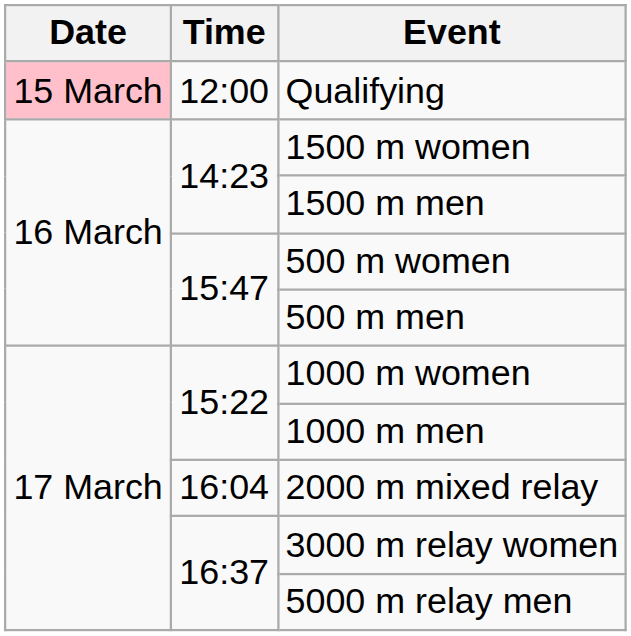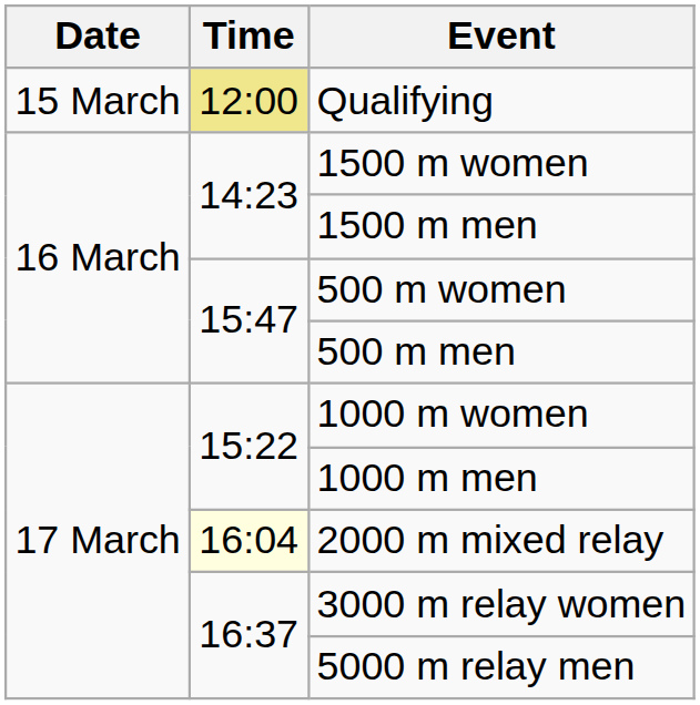 <table class="wikitable" border="1">
 <tr>
 <th>Date</th>
 <th>Time</th>
 <th>Event</th>
 </tr>
 <tr>
-<td style="background: pink;">15 March</td>
-<td>12:00</td>
+<td>15 March</td>
+<td style="background: khaki;">12:00</td>
 <td>Qualifying</td>
 </tr>
 <tr>
 <td rowspan=4>16 March</td>
 <td rowspan=2>14:23</td>
 <td>1500 m women</td>
 </tr>
 <tr>
 <td>1500 m men</td>
 </tr>
 <tr>
 <td rowspan=2>15:47</td>
 <td>500 m women</td>
 </tr>
 <tr>
 <td>500 m men</td>
 </tr>
 <tr>
 <td rowspan=5>17 March</td>
 <td rowspan=2>15:22</td>
 <td>1000 m women</td>
 </tr>
 <tr>
 <td>1000 m men</td>
 </tr>
 <tr>
-<td>16:04</td>
+<td style="background: lightyellow;">16:04</td>
 <td>2000 m mixed relay</td>
 </tr>
 <tr>
 <td rowspan=2>16:37</td>
 <td>3000 m relay women</td>
 </tr>
 <tr>
 <td>5000 m relay men</td>
 </tr>
 </table>
